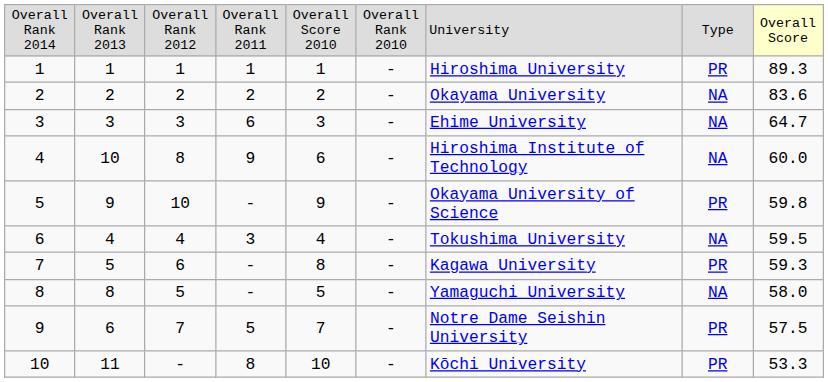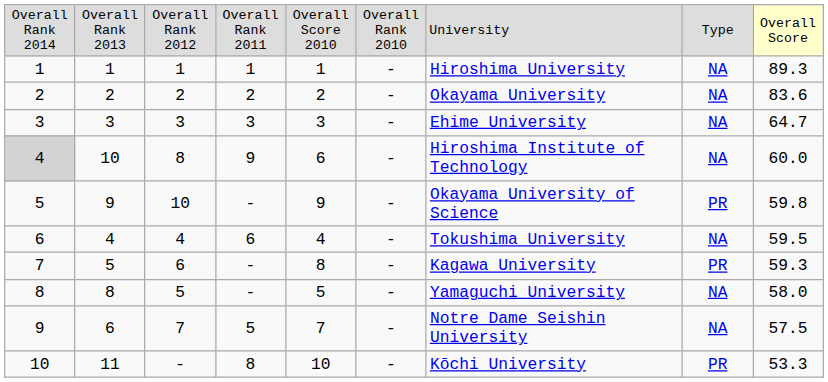 <table class="wikitable sortable">
 <tr style="background:#efefef;">
 <td style="font-size:8pt; width:50px; text-align:center; background:#ddd;">Overall Rank 2014</td>
 <td style="font-size:8pt; width:50px; text-align:center; background:#ddd;">Overall Rank 2013</td>
 <td style="font-size:8pt; width:50px; text-align:center; background:#ddd;">Overall Rank 2012</td>
 <td style="font-size:8pt; width:50px; text-align:center; background:#ddd;">Overall Rank 2011</td>
 <td style="font-size:8pt; width:50px; text-align:center; background:#ddd;">Overall Score 2010</td>
 <td style="font-size:8pt; width:50px; text-align:center; background:#ddd;">Overall Rank 2010</td>
 <td style="font-size:8pt; width:200px; text-align:left; background:#ddd;">University</td>
 <td style="font-size:8pt; width:50px; text-align:center; background:#ddd;">Type</td>
 <td style="font-size:8pt; width:50px; text-align:center; background:#ffc;">Overall Score</td>
 </tr>
 <tr>
 <td style="width:50px; text-align:center;">1</td>
 <td style="width:50px; text-align:center;">1</td>
 <td style="width:50px; text-align:center;">1</td>
 <td style="width:50px; text-align:center;">1</td>
 <td style="width:50px; text-align:center;">1</td>
 <td style="width:50px; text-align:center;">-</td>
 <td style="width:50px;  text-align:left;"><a href='#'>Hiroshima University</a></td>
-<td style="width:50px; text-align:center;"><a href='#'>PR</a></td>
+<td style="width:50px; text-align:center;"><a href='#'>NA</a></td>
 <td style="width:50px; text-align:center;">89.3</td>
 </tr>
 <tr>
 <td style="width:50px; text-align:center;">2</td>
 <td style="width:50px; text-align:center;">2</td>
 <td style="width:50px; text-align:center;">2</td>
 <td style="width:50px; text-align:center;">2</td>
 <td style="width:50px; text-align:center;">2</td>
 <td style="width:50px; text-align:center;">-</td>
 <td style="width:50px;  text-align:left;"><a href='#'>Okayama University</a></td>
 <td style="width:50px; text-align:center;"><a href='#'>NA</a></td>
 <td style="width:50px; text-align:center;">83.6</td>
 </tr>
 <tr>
 <td style="width:50px; text-align:center;">3</td>
 <td style="width:50px; text-align:center;">3</td>
 <td style="width:50px; text-align:center;">3</td>
-<td style="width:50px; text-align:center;">6</td>
+<td style="width:50px; text-align:center;">3</td>
 <td style="width:50px; text-align:center;">3</td>
 <td style="width:50px; text-align:center;">-</td>
 <td style="width:50px;  text-align:left;"><a href='#'>Ehime University</a></td>
 <td style="width:50px; text-align:center;"><a href='#'>NA</a></td>
 <td style="width:50px; text-align:center;">64.7</td>
 </tr>
 <tr>
-<td style="width:50px; text-align:center;">4</td>
+<td style="background: lightgrey; width:50px; text-align:center;">4</td>
 <td style="width:50px; text-align:center;">10</td>
 <td style="width:50px; text-align:center;">8</td>
 <td style="width:50px; text-align:center;">9</td>
 <td style="width:50px; text-align:center;">6</td>
 <td style="width:50px; text-align:center;">-</td>
 <td style="width:50px;  text-align:left;"><a href='#'>Hiroshima Institute of Technology</a></td>
 <td style="width:50px; text-align:center;"><a href='#'>NA</a></td>
 <td style="width:50px; text-align:center;">60.0</td>
 </tr>
 <tr>
 <td style="width:50px; text-align:center;">5</td>
 <td style="width:50px; text-align:center;">9</td>
 <td style="width:50px; text-align:center;">10</td>
 <td style="width:50px; text-align:center;">-</td>
 <td style="width:50px; text-align:center;">9</td>
 <td style="width:50px; text-align:center;">-</td>
 <td style="width:50px;  text-align:left;"><a href='#'>Okayama University of Science</a></td>
 <td style="width:50px; text-align:center;"><a href='#'>PR</a></td>
 <td style="width:50px; text-align:center;">59.8</td>
 </tr>
 <tr>
 <td style="width:50px; text-align:center;">6</td>
 <td style="width:50px; text-align:center;">4</td>
 <td style="width:50px; text-align:center;">4</td>
-<td style="width:50px; text-align:center;">3</td>
+<td style="width:50px; text-align:center;">6</td>
 <td style="width:50px; text-align:center;">4</td>
 <td style="width:50px; text-align:center;">-</td>
 <td style="width:50px;  text-align:left;"><a href='#'>Tokushima University</a></td>
 <td style="width:50px; text-align:center;"><a href='#'>NA</a></td>
 <td style="width:50px; text-align:center;">59.5</td>
 </tr>
 <tr>
 <td style="width:50px; text-align:center;">7</td>
 <td style="width:50px; text-align:center;">5</td>
 <td style="width:50px; text-align:center;">6</td>
 <td style="width:50px; text-align:center;">-</td>
 <td style="width:50px; text-align:center;">8</td>
 <td style="width:50px; text-align:center;">-</td>
 <td style="width:50px;  text-align:left;"><a href='#'>Kagawa University</a></td>
 <td style="width:50px; text-align:center;"><a href='#'>PR</a></td>
 <td style="width:50px; text-align:center;">59.3</td>
 </tr>
 <tr>
 <td style="width:50px; text-align:center;">8</td>
 <td style="width:50px; text-align:center;">8</td>
 <td style="width:50px; text-align:center;">5</td>
 <td style="width:50px; text-align:center;">-</td>
 <td style="width:50px; text-align:center;">5</td>
 <td style="width:50px; text-align:center;">-</td>
 <td style="width:50px;  text-align:left;"><a href='#'>Yamaguchi University</a></td>
 <td style="width:50px; text-align:center;"><a href='#'>NA</a></td>
 <td style="width:50px; text-align:center;">58.0</td>
 </tr>
 <tr>
 <td style="width:50px; text-align:center;">9</td>
 <td style="width:50px; text-align:center;">6</td>
 <td style="width:50px; text-align:center;">7</td>
 <td style="width:50px; text-align:center;">5</td>
 <td style="width:50px; text-align:center;">7</td>
 <td style="width:50px; text-align:center;">-</td>
 <td style="width:50px;  text-align:left;"><a href='#'>Notre Dame Seishin University</a></td>
-<td style="width:50px; text-align:center;"><a href='#'>PR</a></td>
+<td style="width:50px; text-align:center;"><a href='#'>NA</a></td>
 <td style="width:50px; text-align:center;">57.5</td>
 </tr>
 <tr>
 <td style="width:50px; text-align:center;">10</td>
 <td style="width:50px; text-align:center;">11</td>
 <td style="width:50px; text-align:center;">-</td>
 <td style="width:50px; text-align:center;">8</td>
 <td style="width:50px; text-align:center;">10</td>
 <td style="width:50px; text-align:center;">-</td>
 <td style="width:50px;  text-align:left;"><a href='#'>Kōchi University</a></td>
 <td style="width:50px; text-align:center;"><a href='#'>PR</a></td>
 <td style="width:50px; text-align:center;">53.3</td>
 </tr>
 </table>
